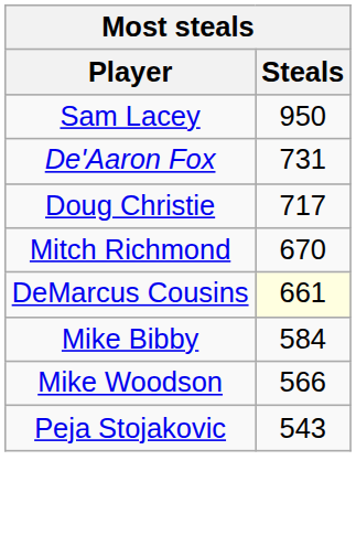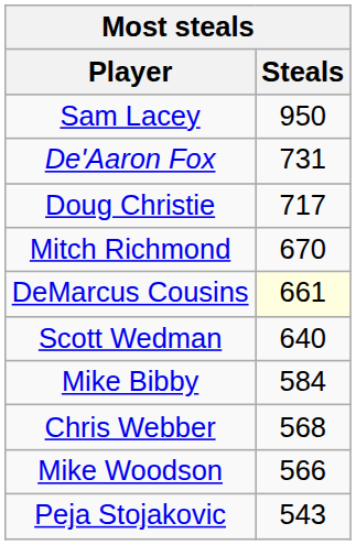 <table class="wikitable sortable" style="text-align:center">
 <tr>
 <th colspan="2" style="text-align:center; ">Most steals</th>
 </tr>
 <tr>
 <th style="text-align:center; ">Player</th>
 <th style="text-align:center; ">Steals</th>
 </tr>
 <tr>
 <td><a href='#'>Sam Lacey</a></td>
 <td>950</td>
 </tr>
 <tr>
 <td><em><a href='#'>De'Aaron Fox</a></em></td>
 <td>731</td>
 </tr>
 <tr>
 <td><a href='#'>Doug Christie</a></td>
 <td>717</td>
 </tr>
 <tr>
 <td><a href='#'>Mitch Richmond</a></td>
 <td>670</td>
 </tr>
 <tr>
 <td><a href='#'>DeMarcus Cousins</a></td>
 <td style="background: lightyellow;">661</td>
 </tr>
 <tr>
+<td><a href='#'>Scott Wedman</a></td>
+<td>640</td>
+</tr>
+<tr>
 <td><a href='#'>Mike Bibby</a></td>
 <td>584</td>
+</tr>
+<tr>
+<td><a href='#'>Chris Webber</a></td>
+<td>568</td>
 </tr>
 <tr>
 <td><a href='#'>Mike Woodson</a></td>
 <td>566</td>
 </tr>
 <tr>
 <td><a href='#'>Peja Stojakovic</a></td>
 <td>543</td>
 </tr>
 </table>
